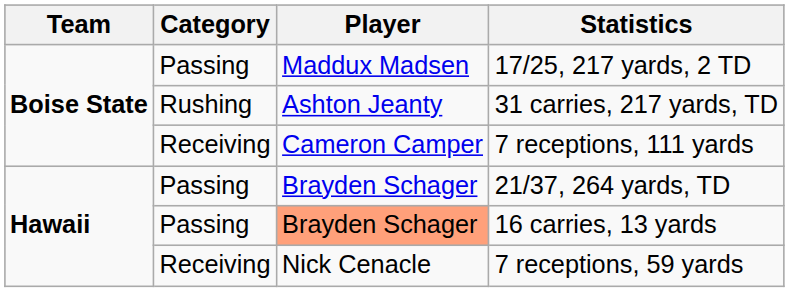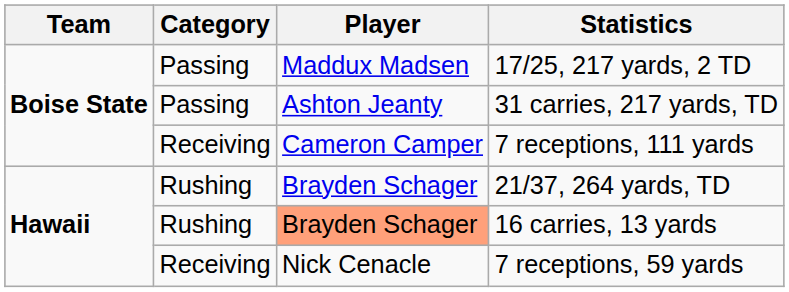 <table class="wikitable" style="float: right;">
 <tr>
 <th>Team</th>
 <th>Category</th>
 <th>Player</th>
 <th>Statistics</th>
 </tr>
 <tr>
 <td rowspan=3><strong>Boise State</strong></td>
 <td>Passing</td>
 <td><a href='#'>Maddux Madsen</a></td>
 <td>17/25, 217 yards, 2 TD</td>
 </tr>
 <tr>
-<td>Rushing</td>
+<td>Passing</td>
 <td><a href='#'>Ashton Jeanty</a></td>
 <td>31 carries, 217 yards, TD</td>
 </tr>
 <tr>
 <td>Receiving</td>
 <td><a href='#'>Cameron Camper</a></td>
 <td>7 receptions, 111 yards</td>
 </tr>
 <tr>
 <td rowspan=3><strong>Hawaii</strong></td>
-<td>Passing</td>
+<td>Rushing</td>
 <td><a href='#'>Brayden Schager</a></td>
 <td>21/37, 264 yards, TD</td>
 </tr>
 <tr>
-<td>Passing</td>
+<td>Rushing</td>
 <td style="background: lightsalmon;">Brayden Schager</td>
 <td>16 carries, 13 yards</td>
 </tr>
 <tr>
 <td>Receiving</td>
 <td>Nick Cenacle</td>
 <td>7 receptions, 59 yards</td>
 </tr>
 </table>
